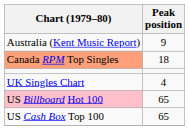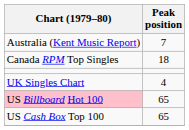 <table class="wikitable sortable">
 <tr>
 <th>Chart (1979–80)</th>
 <th>Peak<br>position</th>
 </tr>
 <tr>
 <td>Australia (<a href='#'>Kent Music Report</a>)</td>
-<td style="text-align:center;">9</td>
+<td style="text-align:center;">7</td>
 </tr>
 <tr>
-<td style="background: lightsalmon;">Canada <em><a href='#'>RPM</a></em> Top Singles</td>
+<td>Canada <em><a href='#'>RPM</a></em> Top Singles</td>
 <td style="text-align:center;">18</td>
 </tr>
 <tr>
 <td></td>
 </tr>
 <tr>
 <td><a href='#'>UK Singles Chart</a></td>
 <td style="text-align:center;">4</td>
 </tr>
 <tr>
 <td style="background: pink;">US <em><a href='#'>Billboard</a></em> <a href='#'>Hot 100</a></td>
 <td style="text-align:center;">65</td>
 </tr>
 <tr>
 <td>US <a href='#'><em>Cash Box</em></a> Top 100</td>
 <td align="center">65</td>
 </tr>
 <tr>
 </tr>
 </table>
